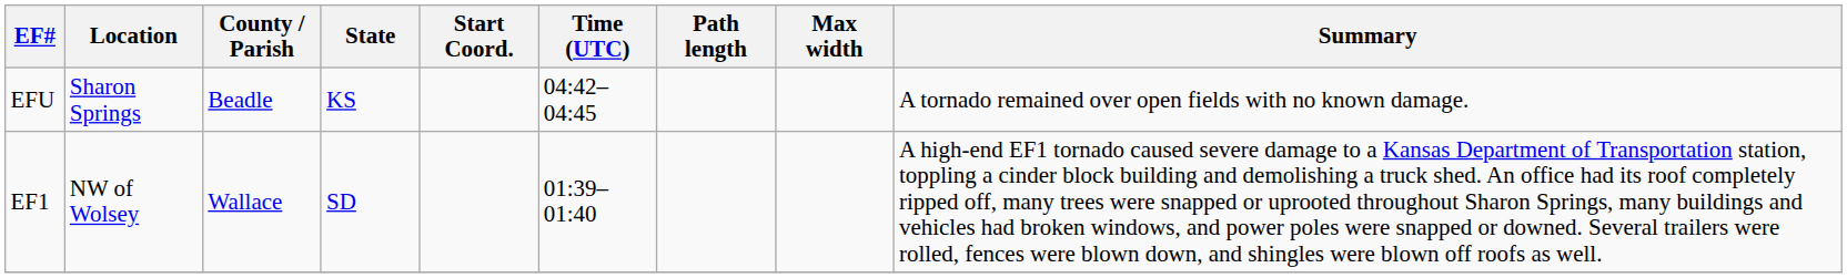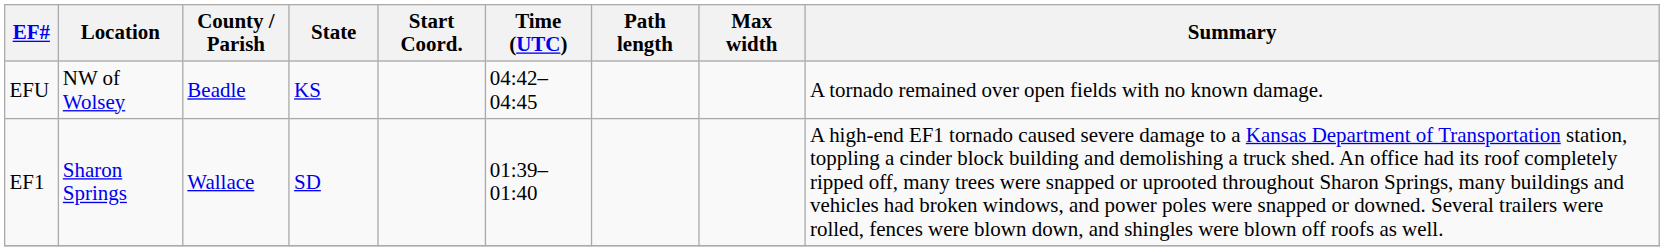 <table class="wikitable sortable" style="width:100%;">
 <tr>
 <th scope="col"  style="width:3%; text-align:center;"><a href='#'>EF#</a></th>
 <th scope="col"  style="width:7%; text-align:center;" class="unsortable">Location</th>
 <th scope="col"  style="width:6%; text-align:center;" class="unsortable">County / Parish</th>
 <th scope="col"  style="width:5%; text-align:center;">State</th>
 <th scope="col"  style="width:6%; text-align:center;">Start Coord.</th>
 <th scope="col"  style="width:6%; text-align:center;">Time (<a href='#'>UTC</a>)</th>
 <th scope="col"  style="width:6%; text-align:center;">Path length</th>
 <th scope="col"  style="width:6%; text-align:center;">Max width</th>
 <th scope="col" class="unsortable" style="width:48%; text-align:center;">Summary</th>
 </tr>
 <tr>
 <td>EFU</td>
-<td><a href='#'>Sharon Springs</a></td>
+<td>NW of <a href='#'>Wolsey</a></td>
 <td><a href='#'>Beadle</a></td>
 <td><a href='#'>KS</a></td>
 <td></td>
 <td>04:42–04:45</td>
 <td></td>
 <td></td>
 <td>A tornado remained over open fields with no known damage.</td>
 </tr>
 <tr>
 <td>EF1</td>
-<td>NW of <a href='#'>Wolsey</a></td>
+<td><a href='#'>Sharon Springs</a></td>
 <td><a href='#'>Wallace</a></td>
 <td><a href='#'>SD</a></td>
 <td></td>
 <td>01:39–01:40</td>
 <td></td>
 <td></td>
 <td>A high-end EF1 tornado caused severe damage to a <a href='#'>Kansas Department of Transportation</a> station, toppling a cinder block building and demolishing a truck shed. An office had its roof completely ripped off, many trees were snapped or uprooted throughout Sharon Springs, many buildings and vehicles had broken windows, and power poles were snapped or downed. Several trailers were rolled, fences were blown down, and shingles were blown off roofs as well.</td>
 </tr>
 <tr>
 </tr>
 </table>
